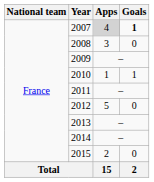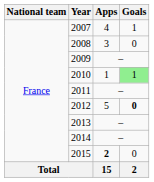 <table class="wikitable" style="text-align:center">
 <tr>
 <th>National team</th>
 <th>Year</th>
 <th>Apps</th>
 <th>Goals</th>
 </tr>
 <tr>
 <td rowspan="9"><a href='#'>France</a></td>
 <td>2007</td>
-<td style="background: lightgrey;">4</td>
-<td><strong>1</strong></td>
+<td>4</td>
+<td>1</td>
 </tr>
 <tr>
 <td>2008</td>
 <td>3</td>
 <td>0</td>
 </tr>
 <tr>
 <td>2009</td>
 <td colspan="2">–</td>
 </tr>
 <tr>
 <td>2010</td>
 <td>1</td>
-<td>1</td>
+<td style="background: lightgreen;">1</td>
 </tr>
 <tr>
 <td>2011</td>
 <td colspan="2">–</td>
 </tr>
 <tr>
 <td>2012</td>
 <td>5</td>
-<td>0</td>
+<td><strong>0</strong></td>
 </tr>
 <tr>
 <td>2013</td>
 <td colspan="2">–</td>
 </tr>
 <tr>
 <td>2014</td>
 <td colspan="2">–</td>
 </tr>
 <tr>
 <td>2015</td>
-<td>2</td>
+<td><strong>2</strong></td>
 <td>0</td>
 </tr>
 <tr>
 <th colspan="2">Total</th>
 <th>15</th>
 <th>2</th>
 </tr>
 </table>
